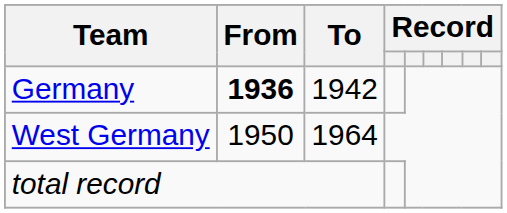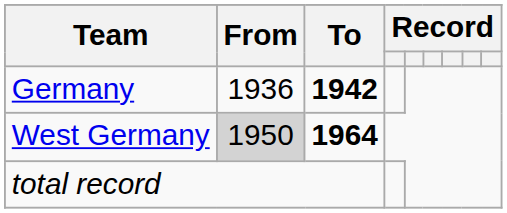 <table class="wikitable" style="text-align: center">
 <tr>
 <th rowspan="2">Team</th>
 <th rowspan="2">From</th>
 <th rowspan="2">To</th>
 <th colspan="6">Record</th>
 </tr>
 <tr>
 <th></th>
 <th></th>
 <th></th>
 <th></th>
 <th></th>
 <th></th>
 </tr>
 <tr>
 <td align="left"><a href='#'>Germany</a></td>
-<td><strong>1936</strong></td>
-<td>1942<br></td>
+<td>1936</td>
+<td><strong>1942<br></strong></td>
 <td></td>
 </tr>
 <tr>
 <td align="left"><a href='#'>West Germany</a></td>
-<td>1950</td>
-<td>1964<br></td>
+<td style="background: lightgrey;">1950</td>
+<td><strong>1964<br></strong></td>
 </tr>
 <tr>
 <td colspan="3" align="left"><em>total record</em><br></td>
 <td></td>
 </tr>
 </table>
